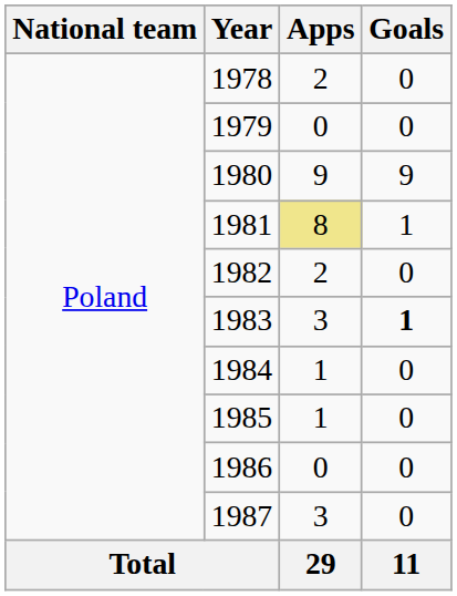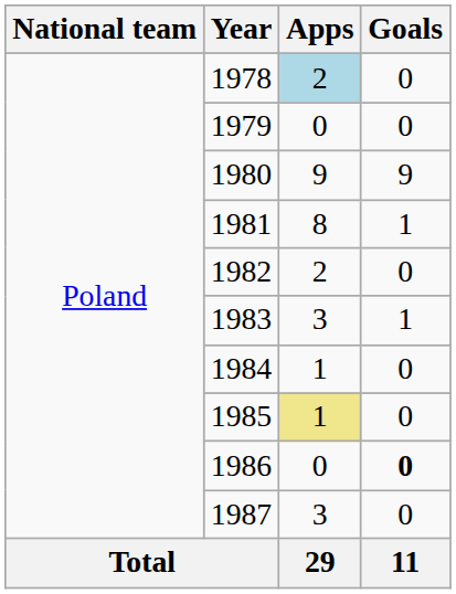 <table class="wikitable" style="text-align:center">
 <tr>
 <th>National team</th>
 <th>Year</th>
 <th>Apps</th>
 <th>Goals</th>
 </tr>
 <tr>
 <td rowspan="10"><a href='#'>Poland</a></td>
 <td>1978</td>
-<td>2</td>
+<td style="background: lightblue;">2</td>
 <td>0</td>
 </tr>
 <tr>
 <td>1979</td>
 <td>0</td>
 <td>0</td>
 </tr>
 <tr>
 <td>1980</td>
 <td>9</td>
 <td>9</td>
 </tr>
 <tr>
 <td>1981</td>
-<td style="background: khaki;">8</td>
+<td>8</td>
 <td>1</td>
 </tr>
 <tr>
 <td>1982</td>
 <td>2</td>
 <td>0</td>
 </tr>
 <tr>
 <td>1983</td>
 <td>3</td>
-<td><strong>1</strong></td>
+<td>1</td>
 </tr>
 <tr>
 <td>1984</td>
 <td>1</td>
 <td>0</td>
 </tr>
 <tr>
 <td>1985</td>
-<td>1</td>
+<td style="background: khaki;">1</td>
 <td>0</td>
 </tr>
 <tr>
 <td>1986</td>
 <td>0</td>
-<td>0</td>
+<td><strong>0</strong></td>
 </tr>
 <tr>
 <td>1987</td>
 <td>3</td>
 <td>0</td>
 </tr>
 <tr>
 <th colspan="2">Total</th>
 <th>29</th>
 <th>11</th>
 </tr>
 </table>
